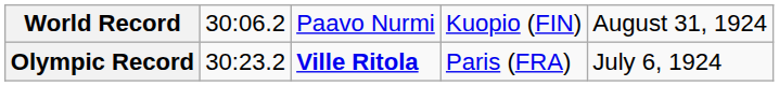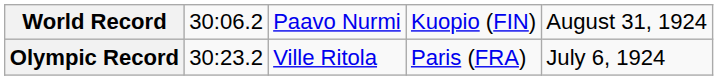 <table class="wikitable">
 <tr>
 <th>World Record</th>
 <td>30:06.2</td>
 <td> <a href='#'>Paavo Nurmi</a></td>
 <td><a href='#'>Kuopio</a> (<a href='#'>FIN</a>)</td>
 <td>August 31, 1924</td>
 </tr>
 <tr>
 <th>Olympic Record</th>
 <td>30:23.2</td>
-<td><strong> <a href='#'>Ville Ritola</a></strong></td>
+<td> <a href='#'>Ville Ritola</a></td>
 <td><a href='#'>Paris</a> (<a href='#'>FRA</a>)</td>
 <td>July 6, 1924</td>
 </tr>
 </table>
